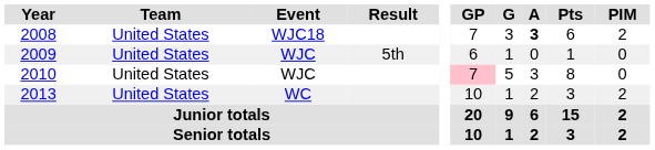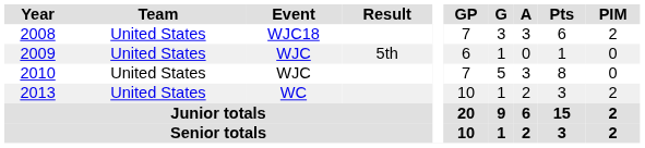 <table border="0" cellpadding="1" cellspacing="0" style="text-align:center; width:40em">
 <tr ALIGN="center" bgcolor="#e0e0e0">
 <th>Year</th>
 <th>Team</th>
 <th>Event</th>
 <th>Result</th>
 <th rowspan="99" bgcolor="#ffffff"> </th>
 <th>GP</th>
 <th>G</th>
 <th>A</th>
 <th>Pts</th>
 <th>PIM</th>
 </tr>
 <tr>
 <td><a href='#'>2008</a></td>
 <td><a href='#'>United States</a></td>
 <td><a href='#'>WJC18</a></td>
 <td></td>
 <td>7</td>
 <td>3</td>
-<td><strong>3</strong></td>
+<td>3</td>
 <td>6</td>
 <td>2</td>
 </tr>
 <tr bgcolor="#f0f0f0">
 <td><a href='#'>2009</a></td>
 <td><a href='#'>United States</a></td>
 <td><a href='#'>WJC</a></td>
 <td>5th</td>
 <td>6</td>
 <td>1</td>
 <td>0</td>
 <td>1</td>
 <td>0</td>
 </tr>
 <tr>
 <td><a href='#'>2010</a></td>
 <td>United States</td>
 <td>WJC</td>
 <td></td>
-<td style="background: pink;">7</td>
+<td>7</td>
 <td>5</td>
 <td>3</td>
 <td>8</td>
 <td>0</td>
 </tr>
 <tr bgcolor="#f0f0f0">
 <td><a href='#'>2013</a></td>
 <td><a href='#'>United States</a></td>
 <td><a href='#'>WC</a></td>
 <td></td>
 <td>10</td>
 <td>1</td>
 <td>2</td>
 <td>3</td>
 <td>2</td>
 </tr>
 <tr bgcolor="#e0e0e0">
 <th colspan="4">Junior totals</th>
 <th>20</th>
 <th>9</th>
 <th>6</th>
 <th>15</th>
 <th>2</th>
 </tr>
 <tr bgcolor="#e0e0e0">
 <th colspan="4">Senior totals</th>
 <th>10</th>
 <th>1</th>
 <th>2</th>
 <th>3</th>
 <th>2</th>
 </tr>
 </table>
